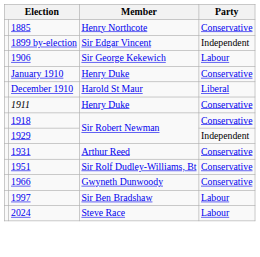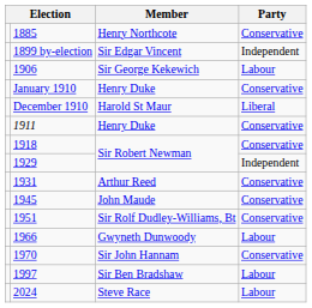 <table class="wikitable">
 <tr>
 <th colspan="2">Election</th>
 <th>Member</th>
 <th>Party</th>
 </tr>
 <tr>
 <td style="color:inherit;background-color: "></td>
 <td><a href='#'>1885</a></td>
 <td><a href='#'>Henry Northcote</a></td>
 <td><a href='#'>Conservative</a></td>
 </tr>
 <tr>
 <td style="color:inherit;background-color: "></td>
 <td><a href='#'>1899 by-election</a></td>
 <td><a href='#'>Sir Edgar Vincent</a></td>
 <td>Independent</td>
 </tr>
 <tr>
 <td style="color:inherit;background-color: "></td>
 <td><a href='#'>1906</a></td>
 <td><a href='#'>Sir George Kekewich</a></td>
 <td><a href='#'>Labour</a></td>
 </tr>
 <tr>
 <td style="color:inherit;background-color: "></td>
 <td><a href='#'>January 1910</a></td>
 <td><a href='#'>Henry Duke</a></td>
 <td><a href='#'>Conservative</a></td>
 </tr>
 <tr>
 <td style="color:inherit;background-color: "></td>
 <td><a href='#'>December 1910</a></td>
 <td><a href='#'>Harold St Maur</a></td>
 <td><a href='#'>Liberal</a></td>
 </tr>
 <tr>
 <td style="color:inherit;background-color: "></td>
 <td><em>1911</em></td>
 <td><a href='#'>Henry Duke</a></td>
 <td><a href='#'>Conservative</a></td>
 </tr>
 <tr>
 <td style="color:inherit;background-color: "></td>
 <td><a href='#'>1918</a></td>
 <td rowspan="2"><a href='#'>Sir Robert Newman</a></td>
 <td><a href='#'>Conservative</a></td>
 </tr>
 <tr>
 <td style="color:inherit;background-color: "></td>
 <td><a href='#'>1929</a></td>
 <td>Independent</td>
 </tr>
 <tr>
 <td style="color:inherit;background-color: "></td>
 <td><a href='#'>1931</a></td>
 <td><a href='#'>Arthur Reed</a></td>
 <td><a href='#'>Conservative</a></td>
 </tr>
 <tr>
 <td style="color:inherit;background-color: "></td>
+<td><a href='#'>1945</a></td>
+<td><a href='#'>John Maude</a></td>
+<td><a href='#'>Conservative</a></td>
+</tr>
+<tr>
+<td style="color:inherit;background-color: "></td>
 <td><a href='#'>1951</a></td>
 <td><a href='#'>Sir Rolf Dudley-Williams, Bt</a></td>
 <td><a href='#'>Conservative</a></td>
 </tr>
 <tr>
 <td style="color:inherit;background-color: "></td>
 <td><a href='#'>1966</a></td>
 <td><a href='#'>Gwyneth Dunwoody</a></td>
+<td><a href='#'>Labour</a></td>
+</tr>
+<tr>
+<td style="color:inherit;background-color: "></td>
+<td><a href='#'>1970</a></td>
+<td><a href='#'>Sir John Hannam</a></td>
 <td><a href='#'>Conservative</a></td>
 </tr>
 <tr>
 <td style="color:inherit;background-color: "></td>
 <td><a href='#'>1997</a></td>
 <td><a href='#'>Sir Ben Bradshaw</a></td>
 <td><a href='#'>Labour</a></td>
 </tr>
 <tr>
 <td style="color:inherit;background-color: "></td>
 <td><a href='#'>2024</a></td>
 <td><a href='#'>Steve Race</a></td>
 <td><a href='#'>Labour</a></td>
 </tr>
 </table>
